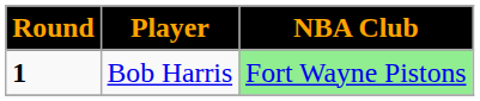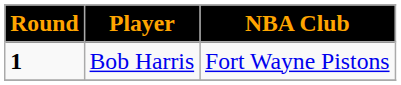 <table class="wikitable" width="text-align:center;">
 <tr>
 <th style="background:black;color:orange;">Round</th>
 <th style="background:black;color:orange;">Player</th>
 <th style="background:black;color:orange;">NBA Club</th>
 </tr>
 <tr>
 <td><strong>1</strong></td>
 <td><a href='#'>Bob Harris</a></td>
-<td style="background: lightgreen;"><a href='#'>Fort Wayne Pistons</a></td>
+<td><a href='#'>Fort Wayne Pistons</a></td>
 </tr>
 <tr>
 </tr>
 </table>
